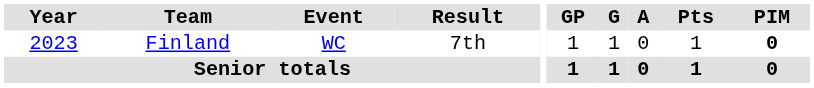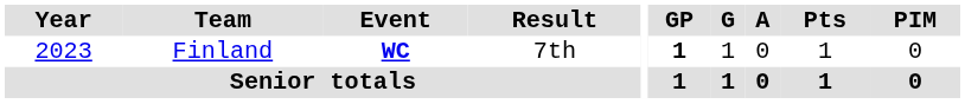 <table border="0" cellpadding="1" cellspacing="0" ID="Table3" style="text-align:center; width:40em;">
 <tr ALIGN="center" bgcolor="#e0e0e0">
 <th>Year</th>
 <th>Team</th>
 <th>Event</th>
 <th>Result</th>
 <th rowspan="99" bgcolor="#ffffff"></th>
 <th>GP</th>
 <th>G</th>
 <th>A</th>
 <th>Pts</th>
 <th>PIM</th>
 </tr>
 <tr>
 <td><a href='#'>2023</a></td>
 <td><a href='#'>Finland</a></td>
-<td><a href='#'>WC</a></td>
+<td><strong><a href='#'>WC</a></strong></td>
 <td>7th</td>
-<td>1</td>
+<td><strong>1</strong></td>
 <td>1</td>
 <td>0</td>
 <td>1</td>
-<td><strong>0</strong></td>
+<td>0</td>
 </tr>
 <tr bgcolor="#e0e0e0">
 <th colspan="4">Senior totals</th>
 <th>1</th>
 <th>1</th>
 <th>0</th>
 <th>1</th>
 <th>0</th>
 </tr>
 </table>
